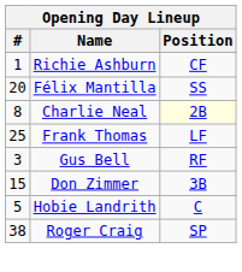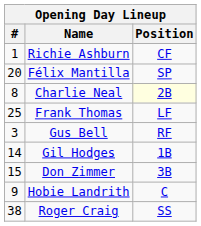 <table class="wikitable" style="text-align:center">
 <tr>
 <th colspan="3">Opening Day Lineup</th>
 </tr>
 <tr>
 <th>#</th>
 <th>Name</th>
 <th>Position</th>
 </tr>
 <tr>
 <td>1</td>
 <td><a href='#'>Richie Ashburn</a></td>
 <td><a href='#'>CF</a></td>
 </tr>
 <tr>
 <td>20</td>
 <td><a href='#'>Félix Mantilla</a></td>
-<td><a href='#'>SS</a></td>
+<td><a href='#'>SP</a></td>
 </tr>
 <tr>
 <td>8</td>
 <td><a href='#'>Charlie Neal</a></td>
 <td style="background: lightyellow;"><a href='#'>2B</a></td>
 </tr>
 <tr>
 <td>25</td>
 <td><a href='#'>Frank Thomas</a></td>
 <td><a href='#'>LF</a></td>
 </tr>
 <tr>
 <td>3</td>
 <td><a href='#'>Gus Bell</a></td>
 <td><a href='#'>RF</a></td>
 </tr>
 <tr>
+<td>14</td>
+<td><a href='#'>Gil Hodges</a></td>
+<td><a href='#'>1B</a></td>
+</tr>
+<tr>
 <td>15</td>
 <td><a href='#'>Don Zimmer</a></td>
 <td><a href='#'>3B</a></td>
 </tr>
 <tr>
-<td>5</td>
+<td>9</td>
 <td><a href='#'>Hobie Landrith</a></td>
 <td><a href='#'>C</a></td>
 </tr>
 <tr>
 <td>38</td>
 <td><a href='#'>Roger Craig</a></td>
-<td><a href='#'>SP</a></td>
+<td><a href='#'>SS</a></td>
 </tr>
 </table>
